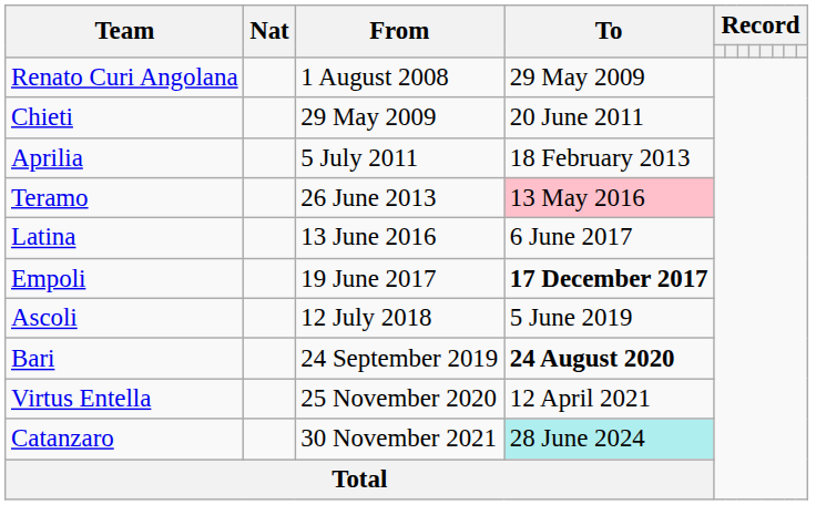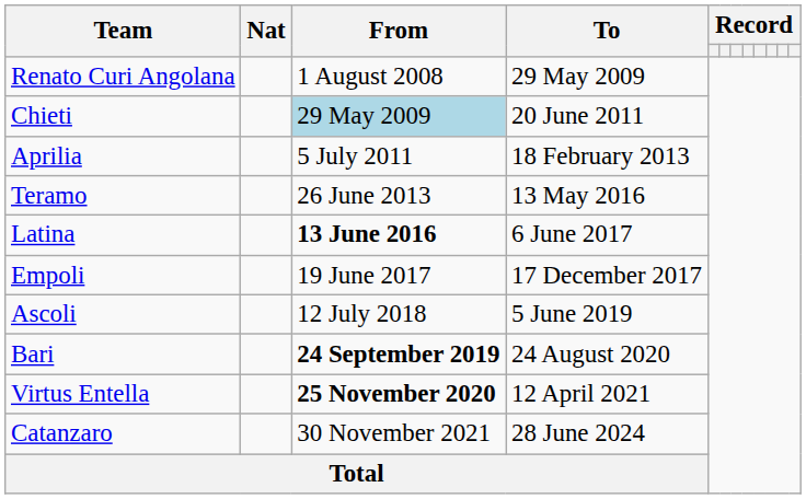 <table class="wikitable" style="text-align: center">
 <tr>
 <th rowspan=2>Team</th>
 <th rowspan=2>Nat</th>
 <th rowspan=2>From</th>
 <th rowspan=2>To</th>
 <th colspan=8>Record</th>
 </tr>
 <tr>
 <th></th>
 <th></th>
 <th></th>
 <th></th>
 <th></th>
 <th></th>
 <th></th>
 <th></th>
 </tr>
 <tr>
 <td align="left"><a href='#'>Renato Curi Angolana</a></td>
 <td></td>
 <td align="left">1 August 2008</td>
 <td align="left">29 May 2009<br></td>
 </tr>
 <tr>
 <td align="left"><a href='#'>Chieti</a></td>
 <td></td>
-<td align="left">29 May 2009</td>
+<td align="left" style="background: lightblue;">29 May 2009</td>
 <td align="left">20 June 2011<br></td>
 </tr>
 <tr>
 <td align="left"><a href='#'>Aprilia</a></td>
 <td></td>
 <td align="left">5 July 2011</td>
 <td align="left">18 February 2013<br></td>
 </tr>
 <tr>
 <td align="left"><a href='#'>Teramo</a></td>
 <td></td>
 <td align="left">26 June 2013</td>
-<td align="left" style="background: pink;">13 May 2016<br></td>
+<td align="left">13 May 2016<br></td>
 </tr>
 <tr>
 <td align="left"><a href='#'>Latina</a></td>
 <td></td>
-<td align="left">13 June 2016</td>
+<td align="left"><strong>13 June 2016</strong></td>
 <td align="left">6 June 2017<br></td>
 </tr>
 <tr>
 <td align="left"><a href='#'>Empoli</a></td>
 <td></td>
 <td align="left">19 June 2017</td>
-<td align="left"><strong>17 December 2017<br></strong></td>
+<td align="left">17 December 2017<br></td>
 </tr>
 <tr>
 <td align="left"><a href='#'>Ascoli</a></td>
 <td></td>
 <td align="left">12 July 2018</td>
 <td align="left">5 June 2019<br></td>
 </tr>
 <tr>
 <td align="left"><a href='#'>Bari</a></td>
 <td></td>
-<td align="left">24 September 2019</td>
-<td align="left"><strong>24 August 2020<br></strong></td>
+<td align="left"><strong>24 September 2019</strong></td>
+<td align="left">24 August 2020<br></td>
 </tr>
 <tr>
 <td align="left"><a href='#'>Virtus Entella</a></td>
 <td></td>
-<td align="left">25 November 2020</td>
+<td align="left"><strong>25 November 2020</strong></td>
 <td align="left">12 April 2021<br></td>
 </tr>
 <tr>
 <td align="left"><a href='#'>Catanzaro</a></td>
 <td></td>
 <td align="left">30 November 2021</td>
-<td align="left" style="background: paleturquoise;">28 June 2024<br></td>
+<td align="left">28 June 2024<br></td>
 </tr>
 <tr>
 <th colspan=4>Total<br></th>
 </tr>
 </table>
